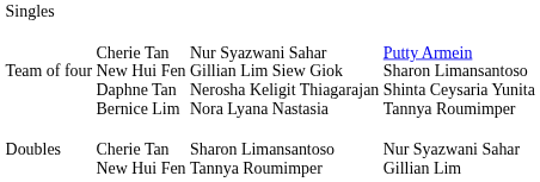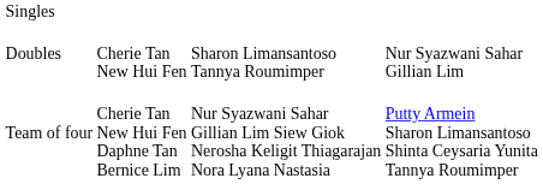 <table>
 <tr>
 <td>Singles</td>
 <td></td>
 <td></td>
 <td></td>
 </tr>
 <tr>
+<td>Doubles</td>
+<td><br>Cherie Tan<br>New Hui Fen</td>
+<td><br>Sharon Limansantoso<br>Tannya Roumimper</td>
+<td><br>Nur Syazwani Sahar<br>Gillian Lim</td>
+</tr>
+<tr>
 <td>Team of four</td>
 <td nowrap><br>Cherie Tan<br>New Hui Fen<br>Daphne Tan<br>Bernice Lim</td>
 <td nowrap><br>Nur Syazwani Sahar<br>Gillian Lim Siew Giok<br>Nerosha Keligit Thiagarajan<br>Nora Lyana Nastasia</td>
 <td nowrap><br><a href='#'>Putty Armein</a><br>Sharon Limansantoso<br>Shinta Ceysaria Yunita<br>Tannya Roumimper</td>
 </tr>
-<tr>
-<td>Doubles</td>
-<td><br>Cherie Tan<br>New Hui Fen</td>
-<td><br>Sharon Limansantoso<br>Tannya Roumimper</td>
-<td><br>Nur Syazwani Sahar<br>Gillian Lim</td>
-</tr>
 </table>
